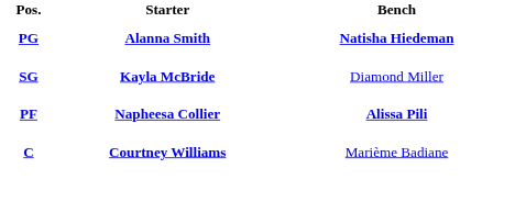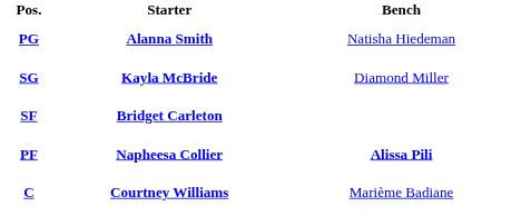 <table style="text-align:center; ">
 <tr>
 <th width="50">Pos.</th>
 <th width="250">Starter</th>
 <th width="250">Bench</th>
 </tr>
 <tr style="height:40px; background:white; color:#092C57">
 <th><a href='#'><span>PG</span></a></th>
 <td><strong><a href='#'>Alanna Smith</a></strong></td>
-<td><strong><a href='#'>Natisha Hiedeman</a></strong></td>
+<td><a href='#'>Natisha Hiedeman</a></td>
 </tr>
 <tr style="height:40px; background:white; color:#092C57">
 <th><a href='#'><span>SG</span></a></th>
 <td><strong><a href='#'>Kayla McBride</a></strong></td>
 <td><a href='#'>Diamond Miller</a></td>
+</tr>
+<tr style="height:40px; background:white; color:#092C57">
+<th><a href='#'><span>SF</span></a></th>
+<td><strong><a href='#'>Bridget Carleton</a></strong></td>
+<td></td>
 </tr>
 <tr style="height:40px; background:white; color:#092C57">
 <th><a href='#'><span>PF</span></a></th>
 <td><strong><a href='#'>Napheesa Collier</a></strong></td>
 <td><strong><a href='#'>Alissa Pili</a></strong></td>
 </tr>
 <tr style="height:40px; background:white; color:#092C57">
 <th><a href='#'><span>C</span></a></th>
 <td><strong><a href='#'>Courtney Williams</a></strong></td>
 <td><a href='#'>Marième Badiane</a></td>
 </tr>
 </table>
